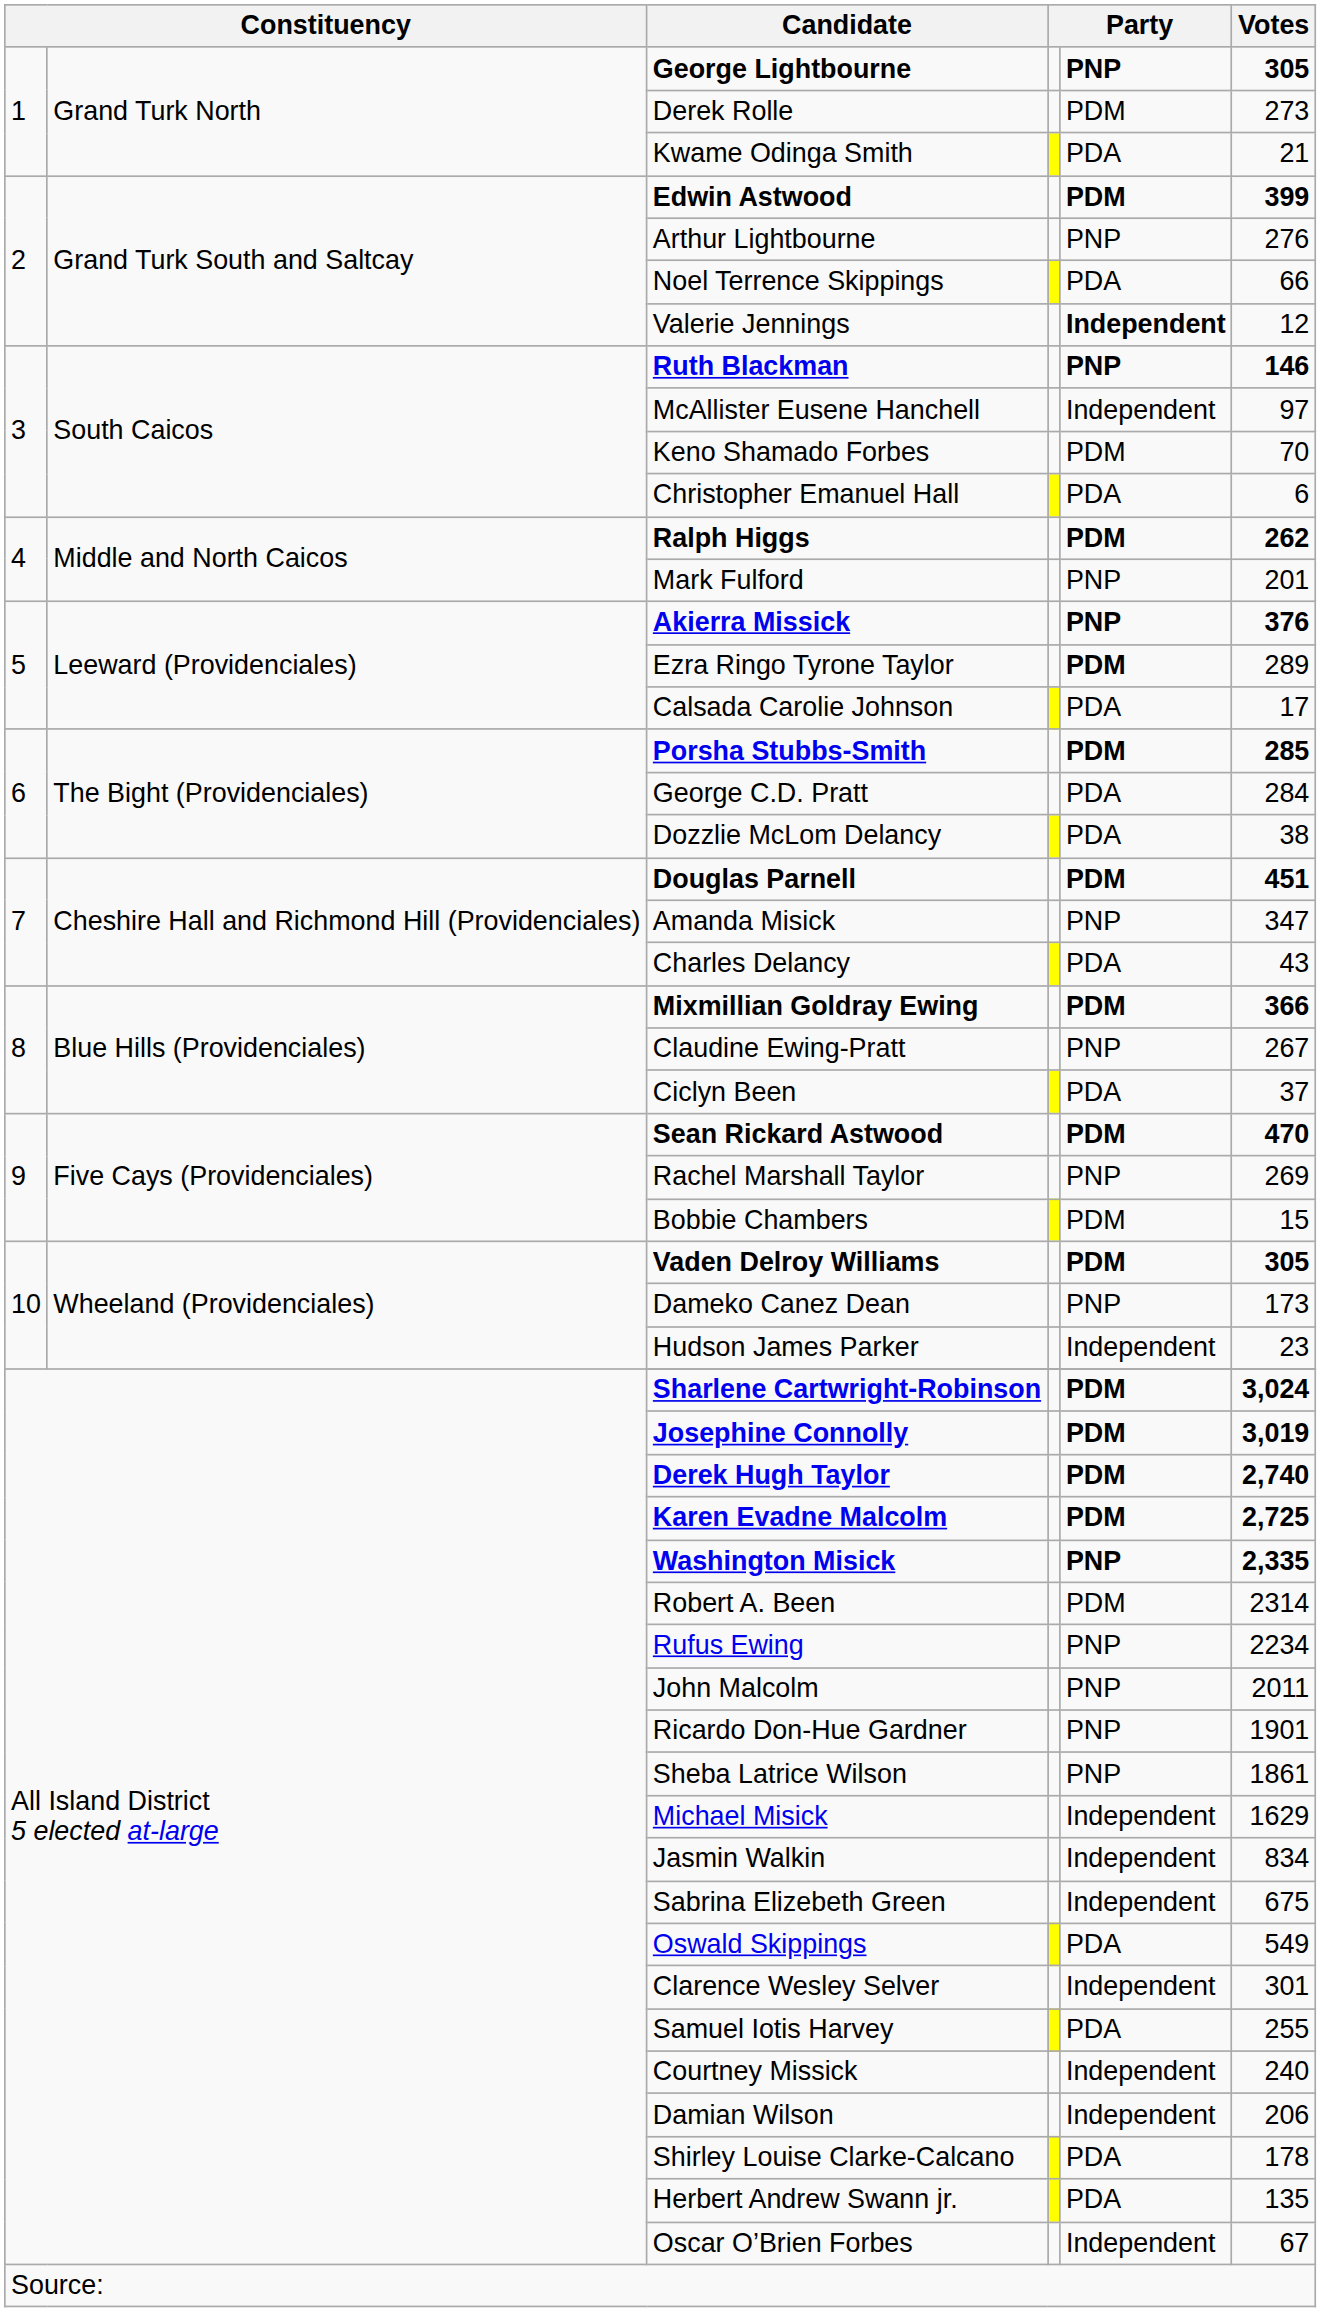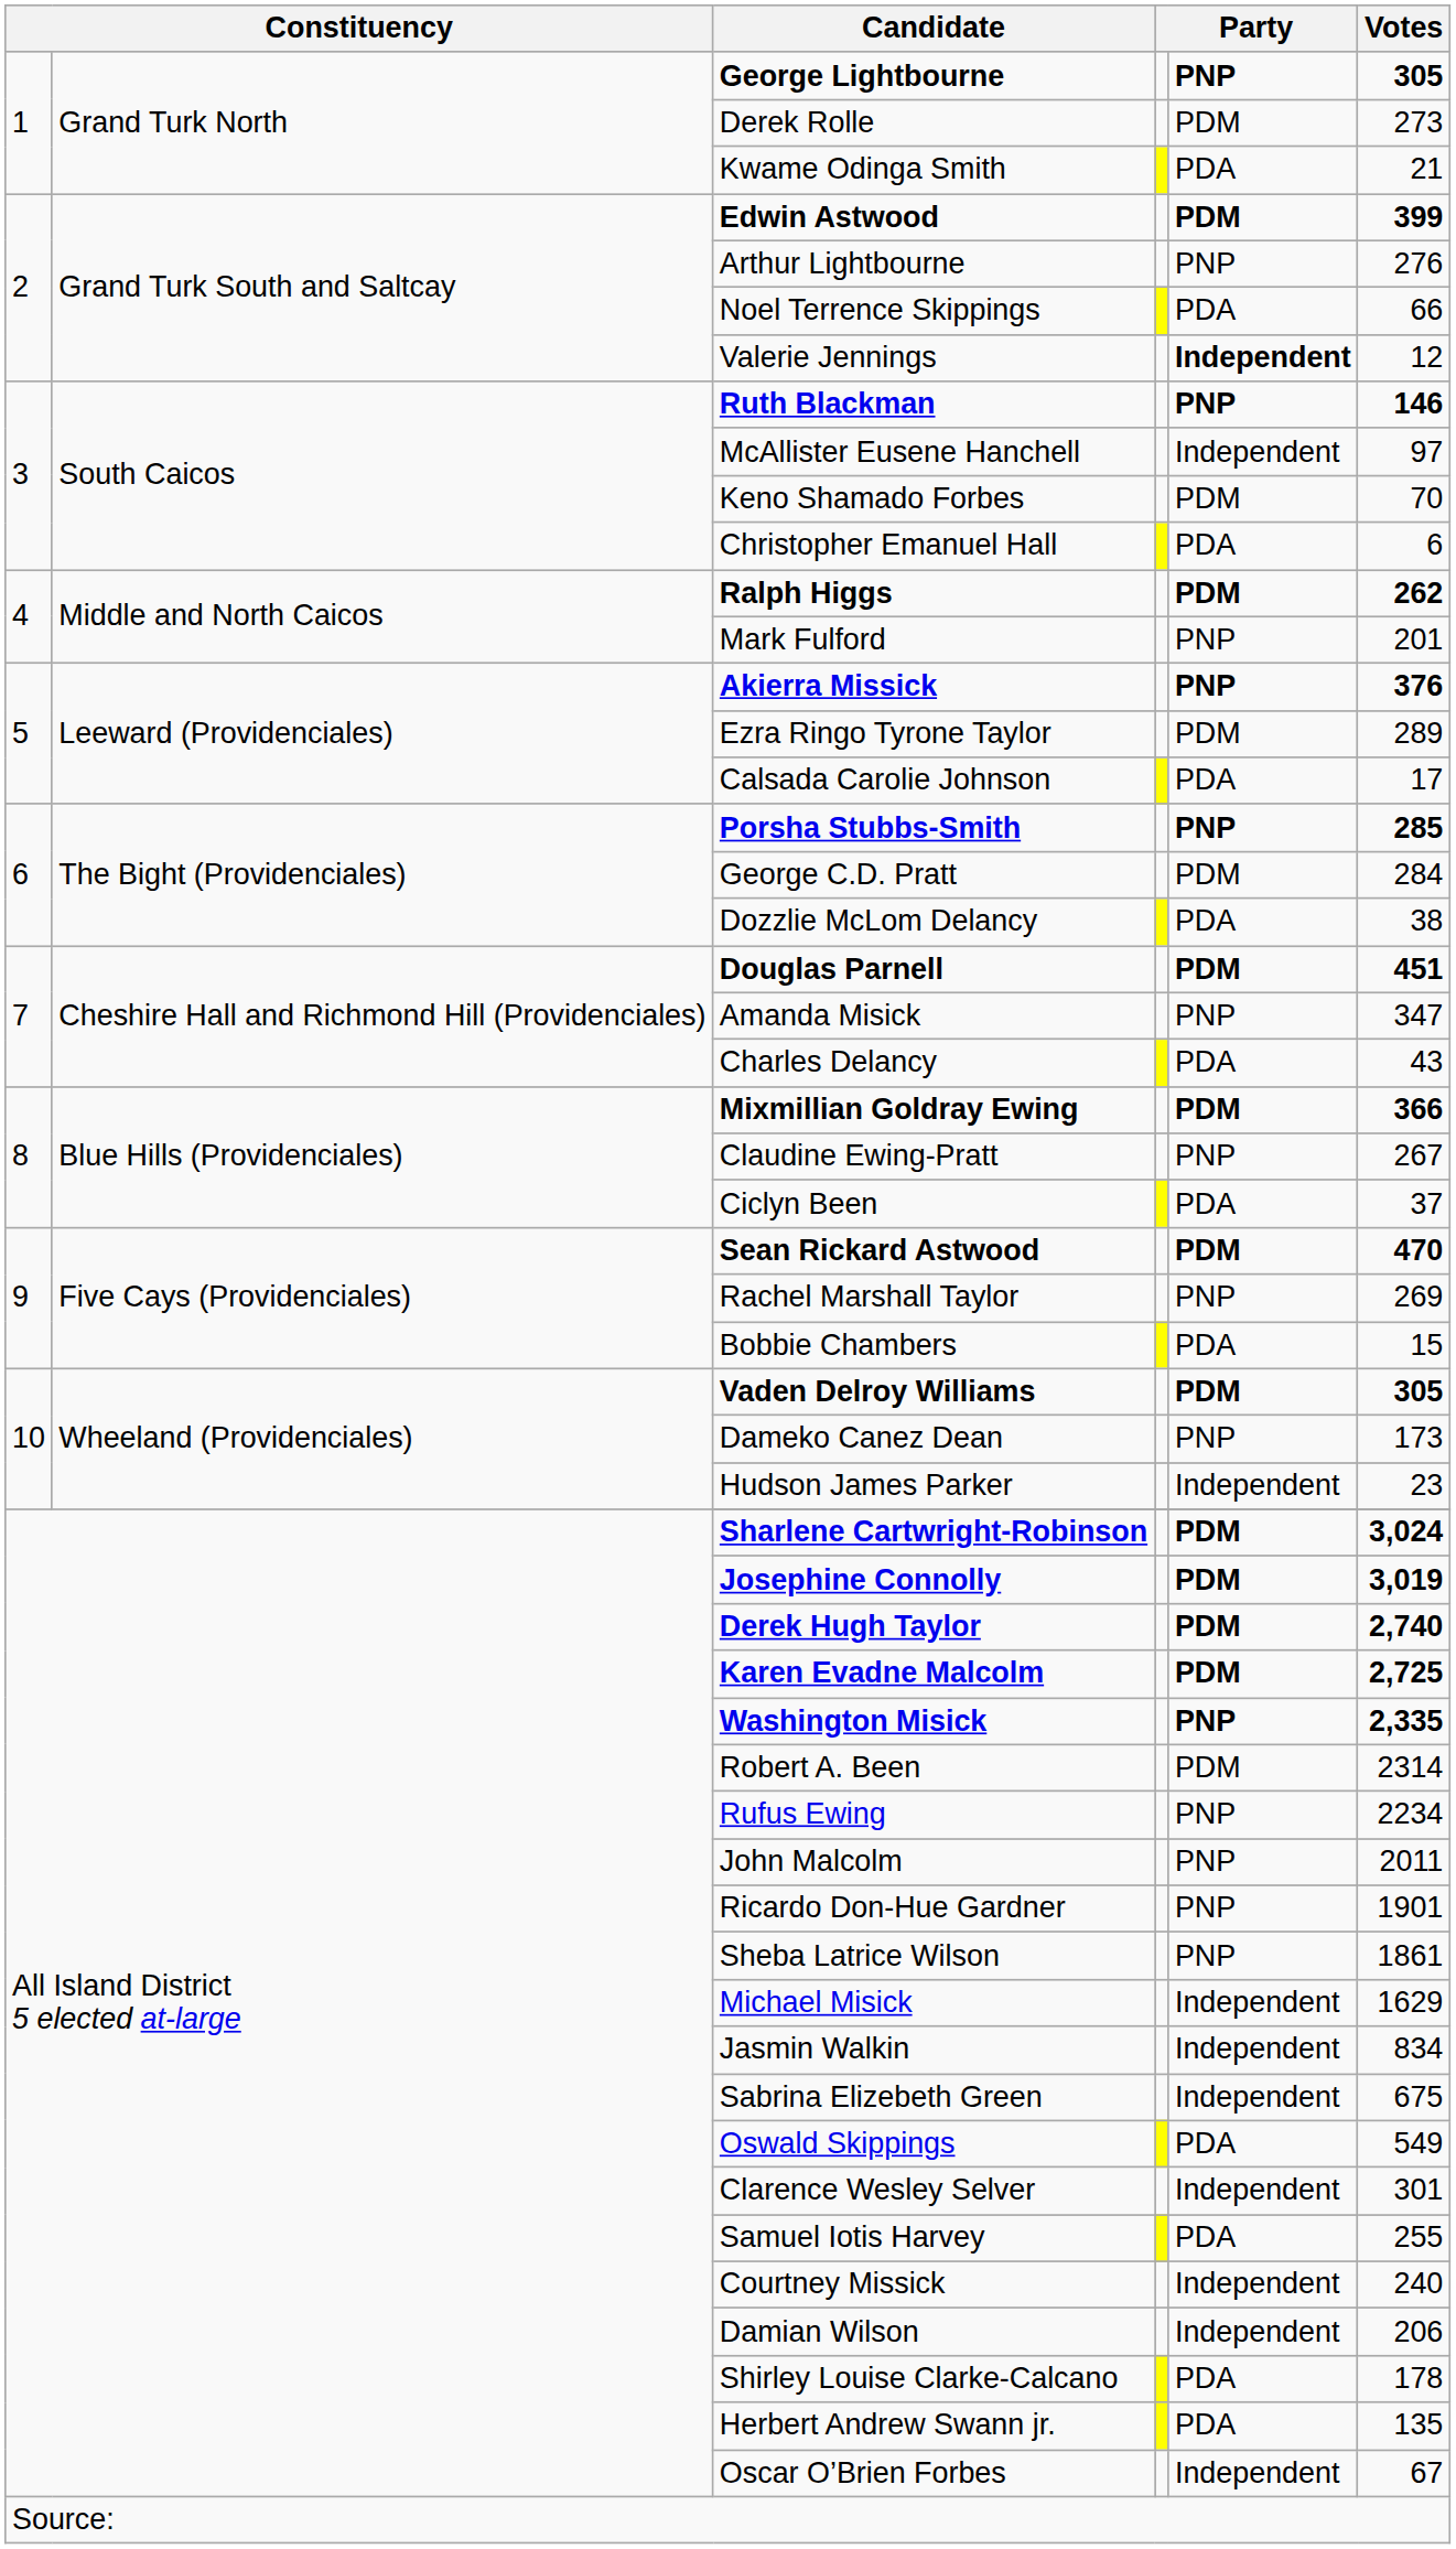 <table class=wikitable>
 <tr>
 <th colspan=2>Constituency</th>
 <th>Candidate</th>
 <th colspan=2>Party</th>
 <th>Votes</th>
 </tr>
 <tr>
 <td rowspan=3>1</td>
 <td rowspan=3>Grand Turk North</td>
 <td><strong>George Lightbourne</strong></td>
 <td style="background-color:"></td>
 <td><strong>PNP</strong></td>
 <td align=right><strong>305</strong></td>
 </tr>
 <tr>
 <td>Derek Rolle</td>
 <td style="background-color:"></td>
 <td>PDM</td>
 <td align=right>273</td>
 </tr>
 <tr>
 <td>Kwame Odinga Smith</td>
 <td style="background-color:yellow"></td>
 <td>PDA</td>
 <td align=right>21</td>
 </tr>
 <tr>
 <td rowspan=4>2</td>
 <td rowspan=4>Grand Turk South and Saltcay</td>
 <td><strong>Edwin Astwood</strong></td>
 <td style="background-color:"></td>
 <td><strong>PDM</strong></td>
 <td align=right><strong>399</strong></td>
 </tr>
 <tr>
 <td>Arthur Lightbourne</td>
 <td style="background-color:"></td>
 <td>PNP</td>
 <td align=right>276</td>
 </tr>
 <tr>
 <td>Noel Terrence Skippings</td>
 <td style="background-color:yellow"></td>
 <td>PDA</td>
 <td align=right>66</td>
 </tr>
 <tr>
 <td>Valerie Jennings</td>
 <td style="background-color:"></td>
 <td><strong>Independent</strong></td>
 <td align=right>12</td>
 </tr>
 <tr>
 <td rowspan=4>3</td>
 <td rowspan=4>South Caicos</td>
 <td><strong><a href='#'>Ruth Blackman</a></strong></td>
 <td style="background-color:"></td>
 <td><strong>PNP</strong></td>
 <td align=right><strong>146</strong></td>
 </tr>
 <tr>
 <td>McAllister Eusene Hanchell</td>
 <td style="background-color:"></td>
 <td>Independent</td>
 <td align=right>97</td>
 </tr>
 <tr>
 <td>Keno Shamado Forbes</td>
 <td style="background-color:"></td>
 <td>PDM</td>
 <td align=right>70</td>
 </tr>
 <tr>
 <td>Christopher Emanuel Hall</td>
 <td style="background-color:yellow"></td>
 <td>PDA</td>
 <td align=right>6</td>
 </tr>
 <tr>
 <td rowspan=2>4</td>
 <td rowspan=2>Middle and North Caicos</td>
 <td><strong>Ralph Higgs</strong></td>
 <td style="background-color:"></td>
 <td><strong>PDM</strong></td>
 <td align=right><strong>262</strong></td>
 </tr>
 <tr>
 <td>Mark Fulford</td>
 <td style="background-color:"></td>
 <td>PNP</td>
 <td align=right>201</td>
 </tr>
 <tr>
 <td rowspan=3>5</td>
 <td rowspan=3>Leeward (Providenciales)</td>
 <td><strong><a href='#'>Akierra Missick</a></strong></td>
 <td style="background-color:"></td>
 <td><strong>PNP</strong></td>
 <td align=right><strong>376</strong></td>
 </tr>
 <tr>
 <td>Ezra Ringo Tyrone Taylor</td>
 <td style="background-color:"></td>
-<td><strong>PDM</strong></td>
+<td>PDM</td>
 <td align=right>289</td>
 </tr>
 <tr>
 <td>Calsada Carolie Johnson</td>
 <td style="background-color:yellow"></td>
 <td>PDA</td>
 <td align=right>17</td>
 </tr>
 <tr>
 <td rowspan=3>6</td>
 <td rowspan=3>The Bight (Providenciales)</td>
 <td><strong><a href='#'>Porsha Stubbs-Smith</a></strong></td>
 <td style="background-color:"></td>
-<td><strong>PDM</strong></td>
+<td><strong>PNP</strong></td>
 <td align=right><strong>285</strong></td>
 </tr>
 <tr>
 <td>George C.D. Pratt</td>
 <td style="background-color:"></td>
-<td>PDA</td>
+<td>PDM</td>
 <td align=right>284</td>
 </tr>
 <tr>
 <td>Dozzlie McLom Delancy</td>
 <td style="background-color:yellow"></td>
 <td>PDA</td>
 <td align=right>38</td>
 </tr>
 <tr>
 <td rowspan=3>7</td>
 <td rowspan=3>Cheshire Hall and Richmond Hill (Providenciales)</td>
 <td><strong>Douglas Parnell</strong></td>
 <td style="background-color:"></td>
 <td><strong>PDM</strong></td>
 <td align=right><strong>451</strong></td>
 </tr>
 <tr>
 <td>Amanda Misick</td>
 <td style="background-color:"></td>
 <td>PNP</td>
 <td align=right>347</td>
 </tr>
 <tr>
 <td>Charles Delancy</td>
 <td style="background-color:yellow"></td>
 <td>PDA</td>
 <td align=right>43</td>
 </tr>
 <tr>
 <td rowspan=3>8</td>
 <td rowspan=3>Blue Hills (Providenciales)</td>
 <td><strong>Mixmillian Goldray Ewing</strong></td>
 <td style="background-color:"></td>
 <td><strong>PDM</strong></td>
 <td align=right><strong>366</strong></td>
 </tr>
 <tr>
 <td>Claudine Ewing-Pratt</td>
 <td style="background-color:"></td>
 <td>PNP</td>
 <td align=right>267</td>
 </tr>
 <tr>
 <td>Ciclyn Been</td>
 <td style="background-color:yellow"></td>
 <td>PDA</td>
 <td align=right>37</td>
 </tr>
 <tr>
 <td rowspan=3>9</td>
 <td rowspan=3>Five Cays (Providenciales)</td>
 <td><strong>Sean Rickard Astwood</strong></td>
 <td style="background-color:"></td>
 <td><strong>PDM</strong></td>
 <td align=right><strong>470</strong></td>
 </tr>
 <tr>
 <td>Rachel Marshall Taylor</td>
 <td style="background-color:"></td>
 <td>PNP</td>
 <td align=right>269</td>
 </tr>
 <tr>
 <td>Bobbie Chambers</td>
 <td style="background-color:yellow"></td>
-<td>PDM</td>
+<td>PDA</td>
 <td align=right>15</td>
 </tr>
 <tr>
 <td rowspan=3>10</td>
 <td rowspan=3>Wheeland (Providenciales)</td>
 <td><strong>Vaden Delroy Williams</strong></td>
 <td style="background-color:"></td>
 <td><strong>PDM</strong></td>
 <td align=right><strong>305</strong></td>
 </tr>
 <tr>
 <td>Dameko Canez Dean</td>
 <td style="background-color:"></td>
 <td>PNP</td>
 <td align=right>173</td>
 </tr>
 <tr>
 <td>Hudson James Parker</td>
 <td style="background-color:"></td>
 <td>Independent</td>
 <td align=right>23</td>
 </tr>
 <tr>
 <td colspan=2 rowspan=22>All Island District<br><em>5 elected <a href='#'>at-large</a></em></td>
 </tr>
 <tr>
 <td><strong><a href='#'>Sharlene Cartwright-Robinson</a></strong></td>
 <td style="background-color:"></td>
 <td><strong>PDM</strong></td>
 <td align=right><strong>3,024</strong></td>
 </tr>
 <tr>
 <td><strong><a href='#'>Josephine Connolly</a></strong></td>
 <td style="background-color:"></td>
 <td><strong>PDM</strong></td>
 <td align=right><strong>3,019</strong></td>
 </tr>
 <tr>
 <td><strong><a href='#'>Derek Hugh Taylor</a></strong></td>
 <td style="background-color:"></td>
 <td><strong>PDM</strong></td>
 <td align=right><strong>2,740</strong></td>
 </tr>
 <tr>
 <td><strong><a href='#'>Karen Evadne Malcolm</a></strong></td>
 <td style="background-color:"></td>
 <td><strong>PDM</strong></td>
 <td align=right><strong>2,725</strong></td>
 </tr>
 <tr>
 <td><strong><a href='#'>Washington Misick</a></strong></td>
 <td style="background-color:"></td>
 <td><strong>PNP</strong></td>
 <td align=right><strong>2,335</strong></td>
 </tr>
 <tr>
 <td>Robert A. Been</td>
 <td style="background-color:"></td>
 <td>PDM</td>
 <td align=right>2314</td>
 </tr>
 <tr>
 <td><a href='#'>Rufus Ewing</a></td>
 <td style="background-color:"></td>
 <td>PNP</td>
 <td align=right>2234</td>
 </tr>
 <tr>
 <td>John Malcolm</td>
 <td style="background-color:"></td>
 <td>PNP</td>
 <td align=right>2011</td>
 </tr>
 <tr>
 <td>Ricardo Don-Hue Gardner</td>
 <td style="background-color:"></td>
 <td>PNP</td>
 <td align=right>1901</td>
 </tr>
 <tr>
 <td>Sheba Latrice Wilson</td>
 <td style="background-color:"></td>
 <td>PNP</td>
 <td align=right>1861</td>
 </tr>
 <tr>
 <td><a href='#'>Michael Misick</a></td>
 <td style="background-color:"></td>
 <td>Independent</td>
 <td align=right>1629</td>
 </tr>
 <tr>
 <td>Jasmin Walkin</td>
 <td style="background-color:"></td>
 <td>Independent</td>
 <td align=right>834</td>
 </tr>
 <tr>
 <td>Sabrina Elizebeth Green</td>
 <td style="background-color:"></td>
 <td>Independent</td>
 <td align=right>675</td>
 </tr>
 <tr>
 <td><a href='#'>Oswald Skippings</a></td>
 <td style="background-color:yellow"></td>
 <td>PDA</td>
 <td align=right>549</td>
 </tr>
 <tr>
 <td>Clarence Wesley Selver</td>
 <td style="background-color:"></td>
 <td>Independent</td>
 <td align=right>301</td>
 </tr>
 <tr>
 <td>Samuel Iotis Harvey</td>
 <td style="background-color:yellow"></td>
 <td>PDA</td>
 <td align=right>255</td>
 </tr>
 <tr>
 <td>Courtney Missick</td>
 <td style="background-color:"></td>
 <td>Independent</td>
 <td align=right>240</td>
 </tr>
 <tr>
 <td>Damian Wilson</td>
 <td style="background-color:"></td>
 <td>Independent</td>
 <td align=right>206</td>
 </tr>
 <tr>
 <td>Shirley Louise Clarke-Calcano</td>
 <td style="background-color:yellow"></td>
 <td>PDA</td>
 <td align=right>178</td>
 </tr>
 <tr>
 <td>Herbert Andrew Swann jr.</td>
 <td style="background-color:yellow"></td>
 <td>PDA</td>
 <td align=right>135</td>
 </tr>
 <tr>
 <td>Oscar O’Brien Forbes</td>
 <td style="background-color:"></td>
 <td>Independent</td>
 <td align=right>67</td>
 </tr>
 <tr>
 <td align=left colspan=6>Source:  </td>
 </tr>
 </table>
